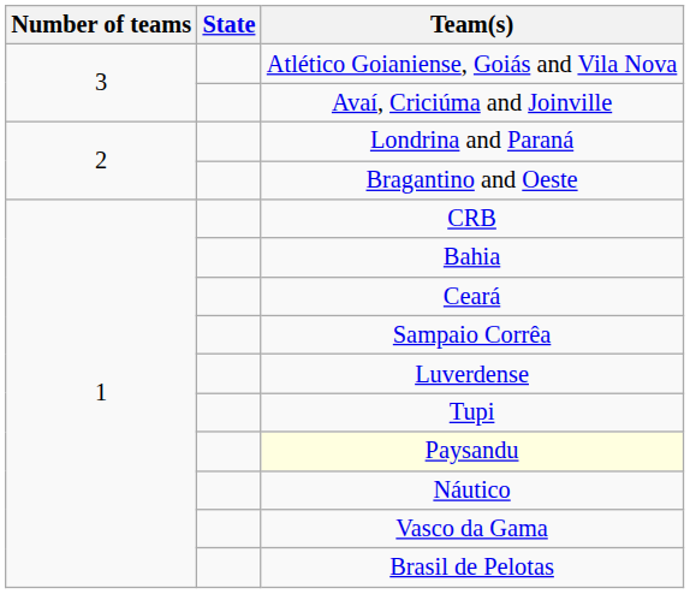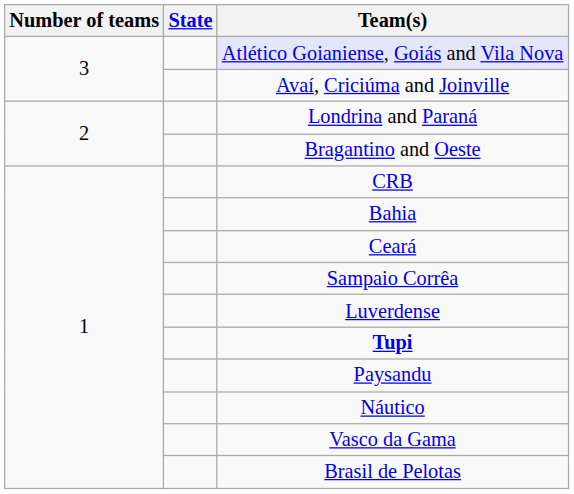 <table class="wikitable" style="text-align:center">
 <tr>
 <th>Number of teams</th>
 <th><a href='#'>State</a></th>
 <th>Team(s)</th>
 </tr>
 <tr>
 <td rowspan="2">3</td>
 <td align="left"></td>
-<td><a href='#'>Atlético Goianiense</a>, <a href='#'>Goiás</a> and <a href='#'>Vila Nova</a></td>
+<td style="background: lavender;"><a href='#'>Atlético Goianiense</a>, <a href='#'>Goiás</a> and <a href='#'>Vila Nova</a></td>
 </tr>
 <tr>
 <td align="left"></td>
 <td><a href='#'>Avaí</a>, <a href='#'>Criciúma</a> and <a href='#'>Joinville</a></td>
 </tr>
 <tr>
 <td rowspan="2">2</td>
 <td align="left"></td>
 <td><a href='#'>Londrina</a> and <a href='#'>Paraná</a></td>
 </tr>
 <tr>
 <td align="left"></td>
 <td><a href='#'>Bragantino</a> and <a href='#'>Oeste</a></td>
 </tr>
 <tr>
 <td rowspan="10">1</td>
 <td align="left"></td>
 <td><a href='#'>CRB</a></td>
 </tr>
 <tr>
 <td align="left"></td>
 <td><a href='#'>Bahia</a></td>
 </tr>
 <tr>
 <td align="left"></td>
 <td><a href='#'>Ceará</a></td>
 </tr>
 <tr>
 <td align="left"></td>
 <td><a href='#'>Sampaio Corrêa</a></td>
 </tr>
 <tr>
 <td align="left"></td>
 <td><a href='#'>Luverdense</a></td>
 </tr>
 <tr>
 <td align="left"></td>
-<td><a href='#'>Tupi</a></td>
+<td><strong><a href='#'>Tupi</a></strong></td>
 </tr>
 <tr>
 <td align="left"></td>
-<td style="background: lightyellow;"><a href='#'>Paysandu</a></td>
+<td><a href='#'>Paysandu</a></td>
 </tr>
 <tr>
 <td align="left"></td>
 <td><a href='#'>Náutico</a></td>
 </tr>
 <tr>
 <td align="left"></td>
 <td><a href='#'>Vasco da Gama</a></td>
 </tr>
 <tr>
 <td align="left"></td>
 <td><a href='#'>Brasil de Pelotas</a></td>
 </tr>
 </table>
